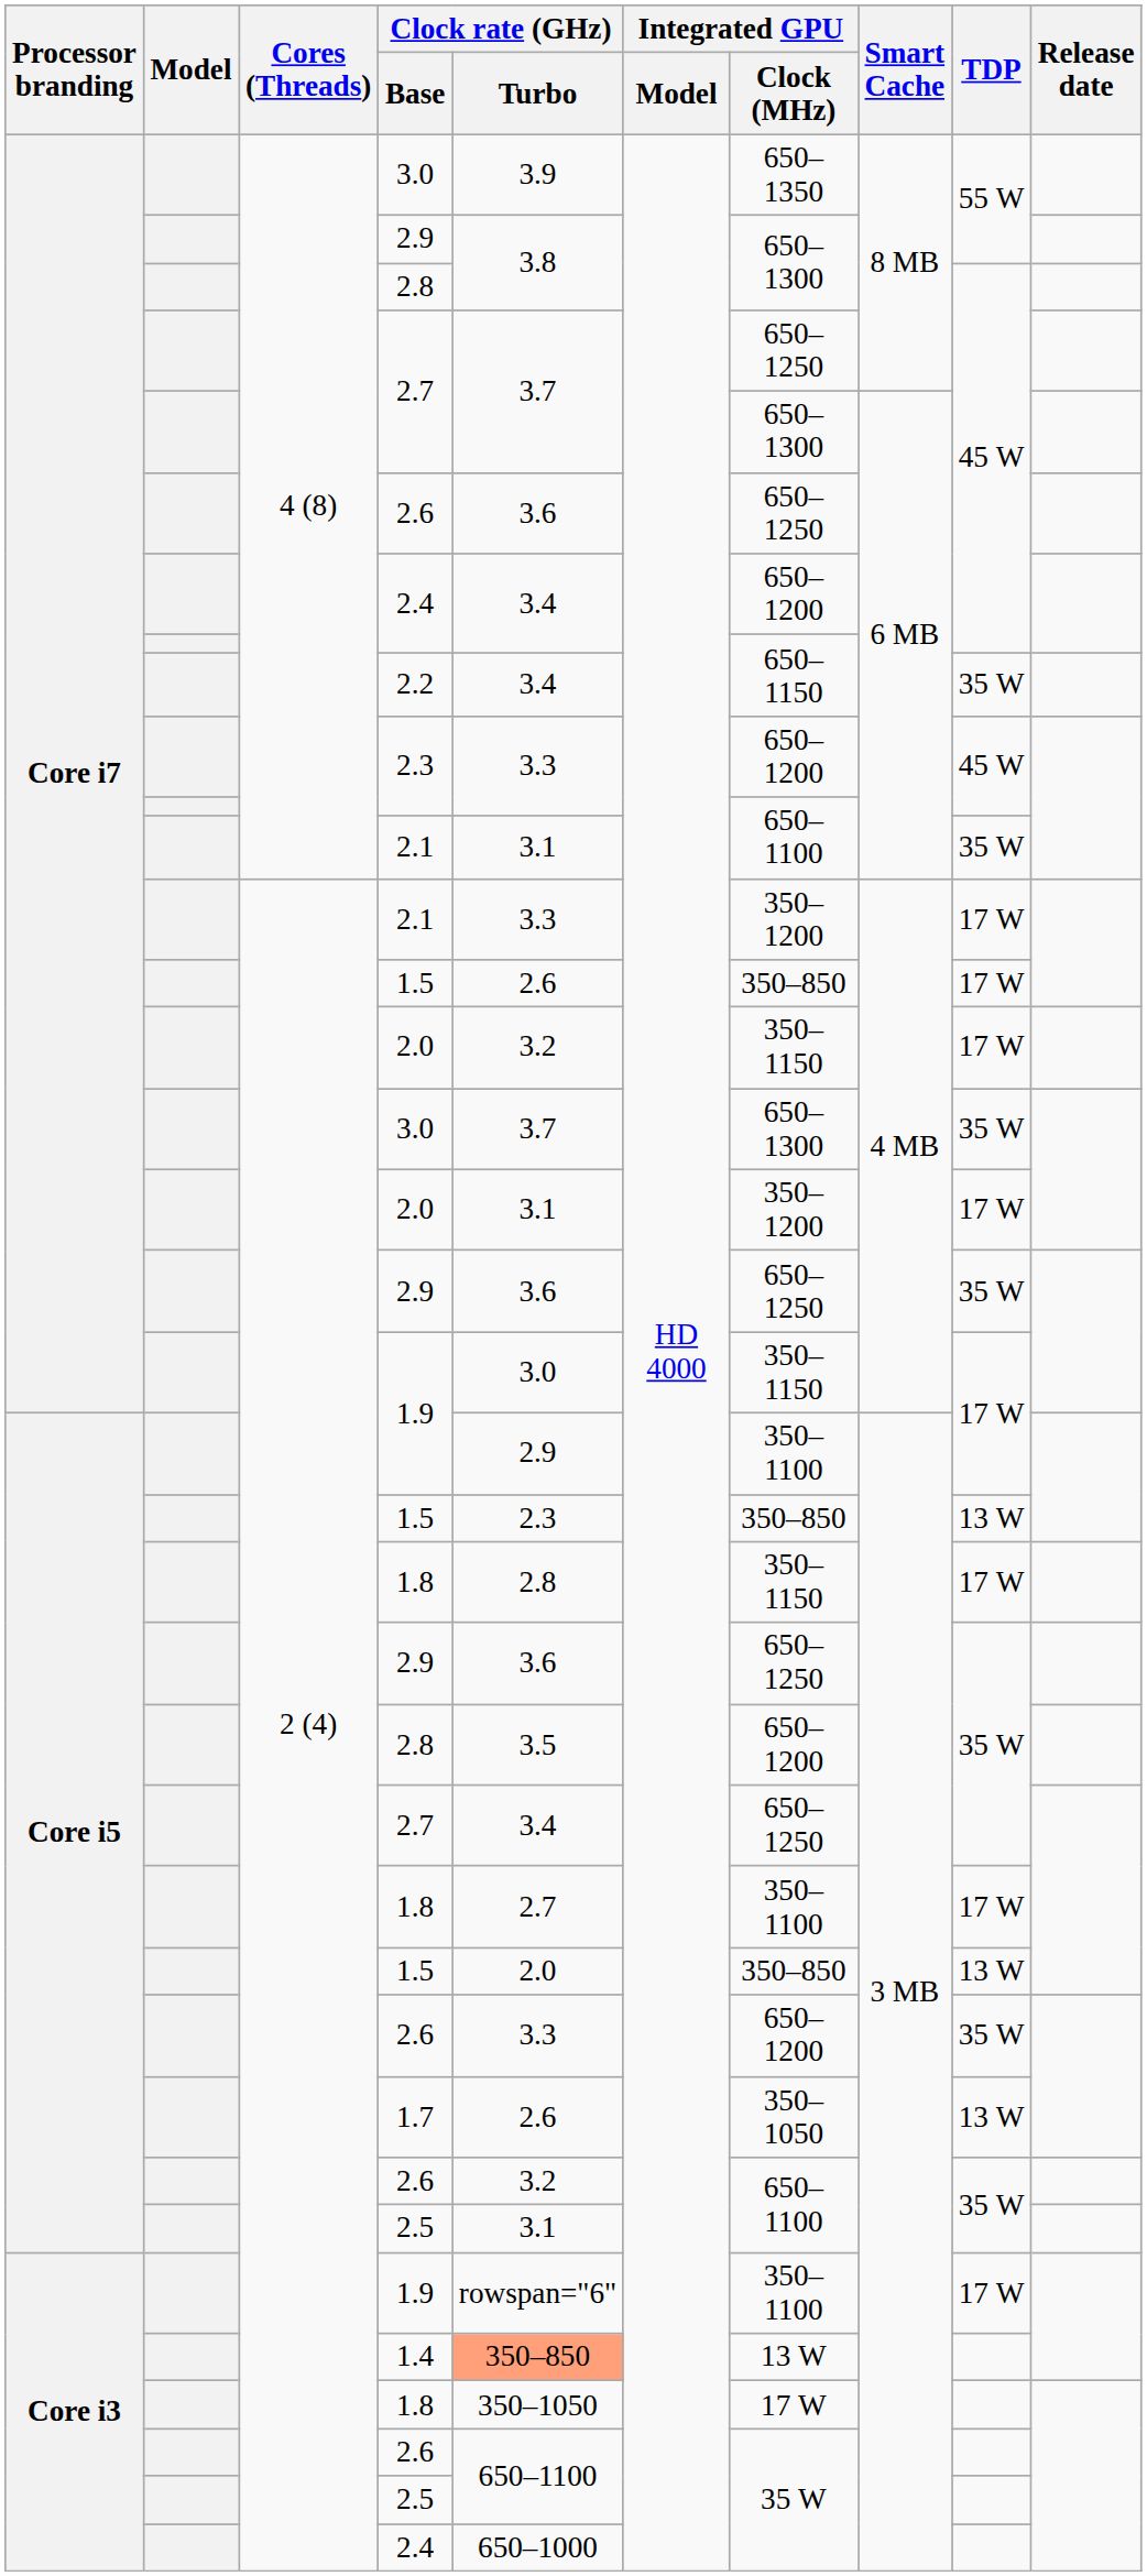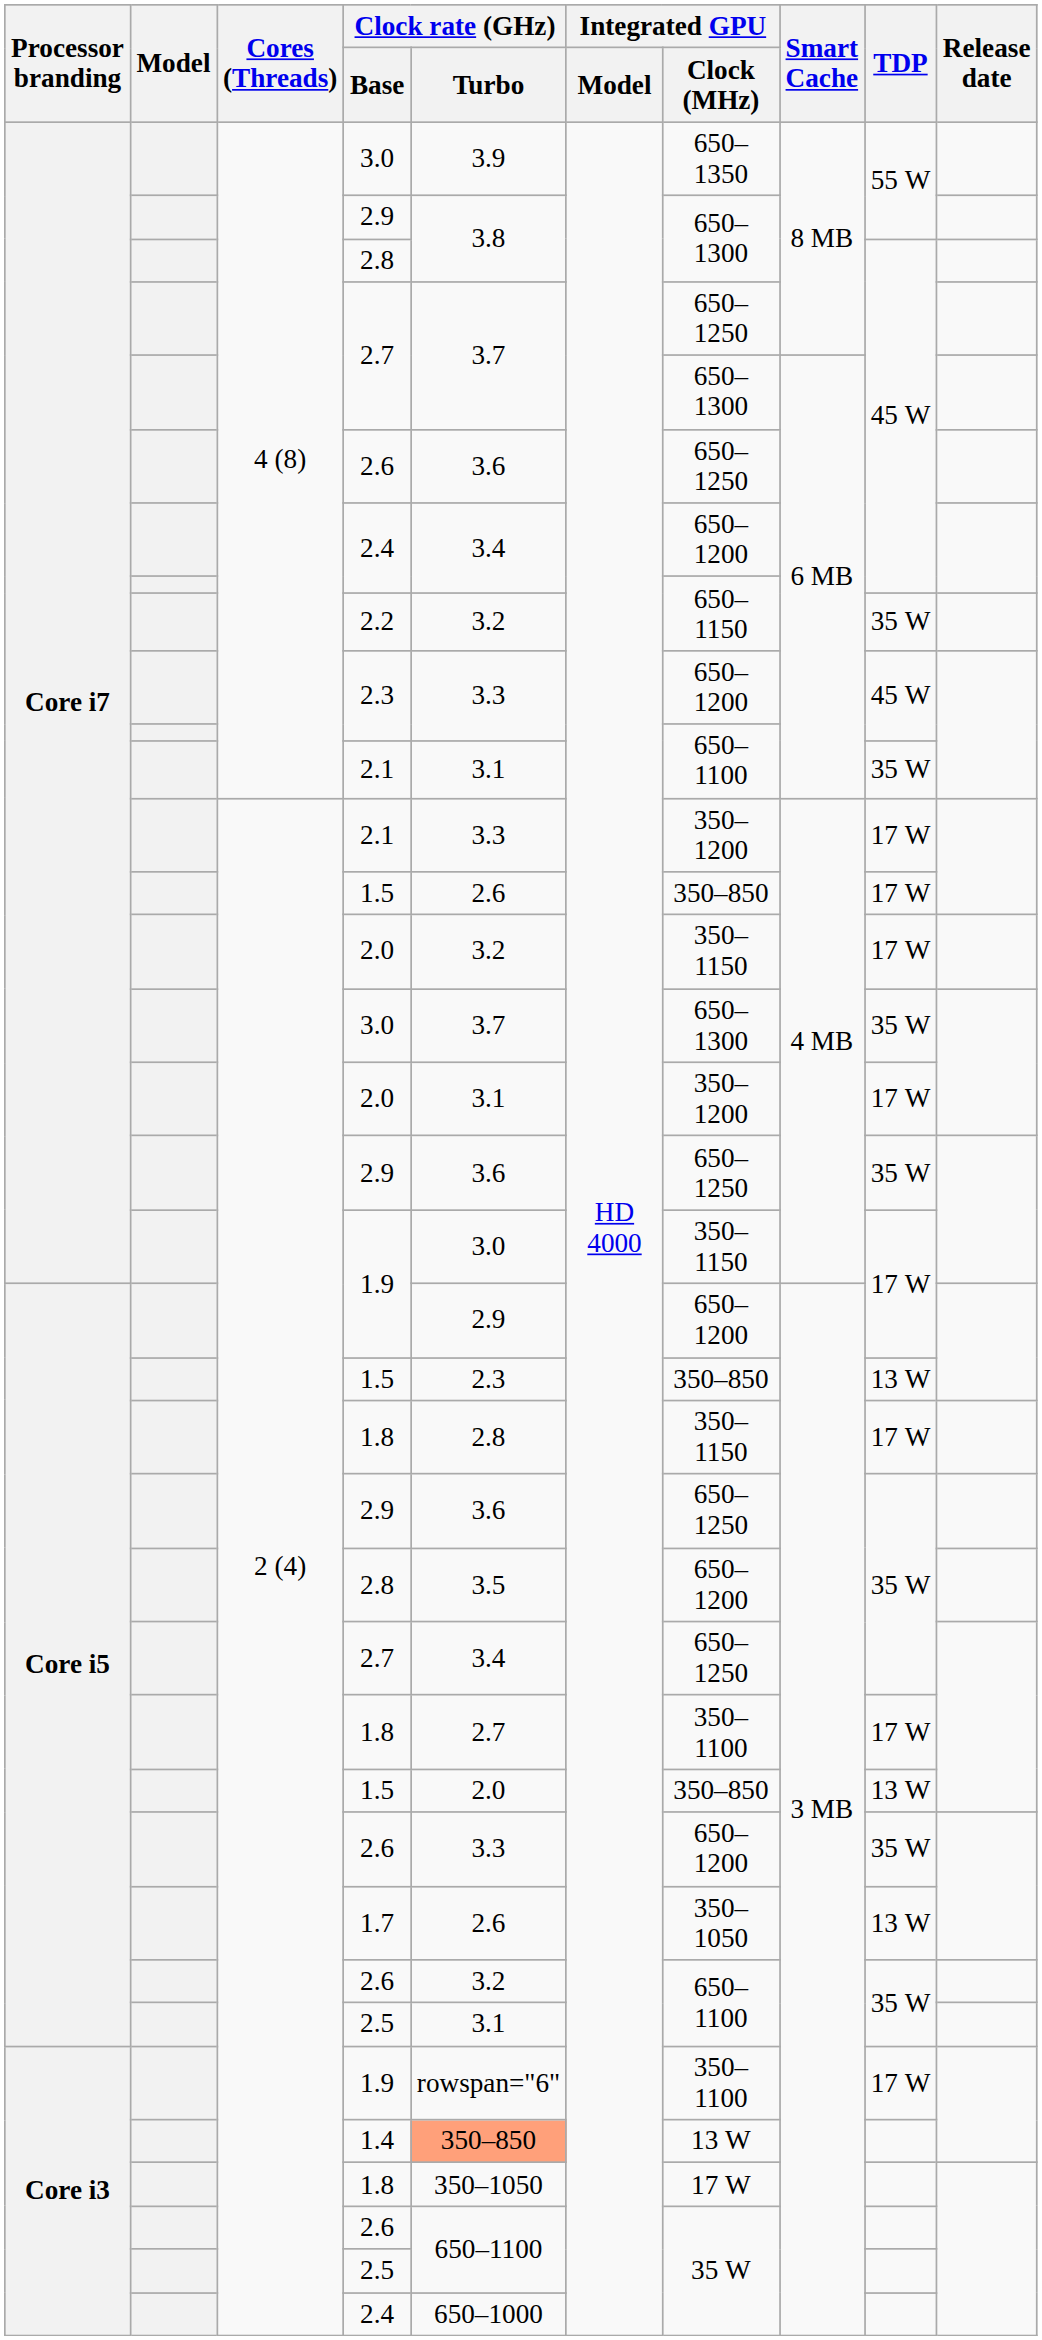 <table class="wikitable sortable nowrap" style="text-align: center;">
 <tr>
 <th class="unsortable" rowspan="2">Processor<br>branding</th>
 <th rowspan="2">Model</th>
 <th class="unsortable" rowspan="2"><a href='#'>Cores</a><br>(<a href='#'>Threads</a>)</th>
 <th colspan="2"><a href='#'>Clock rate</a> (GHz)</th>
 <th colspan="2">Integrated <a href='#'>GPU</a></th>
 <th class="unsortable" rowspan="2"><a href='#'>Smart<br>Cache</a></th>
 <th rowspan="2"><a href='#'>TDP</a></th>
 <th rowspan="2">Release<br>date</th>
 </tr>
 <tr>
 <th class="unsortable">Base</th>
 <th class="unsortable">Turbo</th>
 <th class="unsortable">Model</th>
 <th class="unsortable">Clock (MHz)</th>
 </tr>
 <tr>
 <th rowspan="19">Core i7</th>
 <th style="text-align:left;" data-sort-value="sku37"></th>
 <td rowspan="12">4 (8)</td>
 <td>3.0</td>
 <td>3.9</td>
 <td rowspan="37"><a href='#'>HD 4000</a></td>
 <td>650–1350</td>
 <td rowspan="4">8 MB</td>
 <td rowspan="2">55 W</td>
 <td></td>
 </tr>
 <tr>
 <th style="text-align:left;" data-sort-value="sku36"></th>
 <td>2.9</td>
 <td rowspan="2">3.8</td>
 <td rowspan="2">650–1300</td>
 <td></td>
 </tr>
 <tr>
 <th style="text-align:left;" data-sort-value="sku35"></th>
 <td>2.8</td>
 <td rowspan="6">45 W</td>
 <td></td>
 </tr>
 <tr>
 <th style="text-align:left;" data-sort-value="sku34"></th>
 <td rowspan="2">2.7</td>
 <td rowspan="2">3.7</td>
 <td>650–1250</td>
 <td></td>
 </tr>
 <tr>
 <th style="text-align:left;" data-sort-value="sku33"></th>
 <td>650–1300</td>
 <td rowspan="8">6 MB</td>
 <td></td>
 </tr>
 <tr>
 <th style="text-align:left;" data-sort-value="sku32"></th>
 <td>2.6</td>
 <td>3.6</td>
 <td>650–1250</td>
 <td></td>
 </tr>
 <tr>
 <th style="text-align:left;" data-sort-value="sku31"></th>
 <td rowspan="2">2.4</td>
 <td rowspan="2">3.4</td>
 <td>650–1200</td>
 <td rowspan="2"></td>
 </tr>
 <tr>
 <th style="text-align:left;" data-sort-value="sku30"></th>
 <td rowspan="2">650–1150</td>
 </tr>
 <tr>
 <th style="text-align:left;" data-sort-value="sku29"></th>
 <td>2.2</td>
-<td>3.4</td>
+<td>3.2</td>
 <td>35 W</td>
 <td></td>
 </tr>
 <tr>
 <th style="text-align:left;" data-sort-value="sku28"></th>
 <td rowspan="2">2.3</td>
 <td rowspan="2">3.3</td>
 <td>650–1200</td>
 <td rowspan="2">45 W</td>
 <td rowspan="3"></td>
 </tr>
 <tr>
 <th style="text-align:left;" data-sort-value="sku27"></th>
 <td rowspan="2">650–1100</td>
 </tr>
 <tr>
 <th style="text-align:left;" data-sort-value="sku26"></th>
 <td>2.1</td>
 <td>3.1</td>
 <td>35 W</td>
 </tr>
 <tr>
 <th style="text-align:left;" data-sort-value="sku25"></th>
 <td rowspan="25">2 (4)</td>
 <td>2.1</td>
 <td>3.3</td>
 <td>350–1200</td>
 <td rowspan="7">4 MB</td>
 <td>17 W</td>
 <td rowspan="2"></td>
 </tr>
 <tr>
 <th style="text-align:left;" data-sort-value="sku24"></th>
 <td>1.5</td>
 <td>2.6</td>
 <td>350–850</td>
 <td>17 W</td>
 </tr>
 <tr>
 <th style="text-align:left;" data-sort-value="sku23"></th>
 <td>2.0</td>
 <td>3.2</td>
 <td>350–1150</td>
 <td>17 W</td>
 <td></td>
 </tr>
 <tr>
 <th style="text-align:left;" data-sort-value="sku22"></th>
 <td>3.0</td>
 <td>3.7</td>
 <td>650–1300</td>
 <td>35 W</td>
 <td rowspan="2"></td>
 </tr>
 <tr>
 <th style="text-align:left;" data-sort-value="sku21"></th>
 <td>2.0</td>
 <td>3.1</td>
 <td>350–1200</td>
 <td>17 W</td>
 </tr>
 <tr>
 <th style="text-align:left;" data-sort-value="sku20"></th>
 <td>2.9</td>
 <td>3.6</td>
 <td>650–1250</td>
 <td>35 W</td>
 <td rowspan="2"></td>
 </tr>
 <tr>
 <th style="text-align:left;" data-sort-value="sku19"></th>
 <td rowspan="2">1.9</td>
 <td>3.0</td>
 <td>350–1150</td>
 <td rowspan="2">17 W</td>
 </tr>
 <tr>
 <th rowspan="12">Core i5</th>
 <th style="text-align:left;" data-sort-value="sku18"></th>
 <td>2.9</td>
-<td>350–1100</td>
+<td>650–1200</td>
 <td rowspan="18">3 MB</td>
 <td rowspan="2"></td>
 </tr>
 <tr>
 <th style="text-align:left;" data-sort-value="sku17"></th>
 <td>1.5</td>
 <td>2.3</td>
 <td>350–850</td>
 <td>13 W</td>
 </tr>
 <tr>
 <th style="text-align:left;" data-sort-value="sku16"></th>
 <td>1.8</td>
 <td>2.8</td>
 <td>350–1150</td>
 <td>17 W</td>
 <td></td>
 </tr>
 <tr>
 <th style="text-align:left;" data-sort-value="sku15"></th>
 <td>2.9</td>
 <td>3.6</td>
 <td>650–1250</td>
 <td rowspan="3">35 W</td>
 <td></td>
 </tr>
 <tr>
 <th style="text-align:left;" data-sort-value="sku14"></th>
 <td>2.8</td>
 <td>3.5</td>
 <td>650–1200</td>
 <td></td>
 </tr>
 <tr>
 <th style="text-align:left;" data-sort-value="sku13"></th>
 <td>2.7</td>
 <td>3.4</td>
 <td>650–1250</td>
 <td rowspan="3"></td>
 </tr>
 <tr>
 <th style="text-align:left;" data-sort-value="sku12"></th>
 <td>1.8</td>
 <td>2.7</td>
 <td>350–1100</td>
 <td>17 W</td>
 </tr>
 <tr>
 <th style="text-align:left;" data-sort-value="sku11"></th>
 <td>1.5</td>
 <td>2.0</td>
 <td>350–850</td>
 <td>13 W</td>
 </tr>
 <tr>
 <th style="text-align:left;" data-sort-value="sku10"></th>
 <td>2.6</td>
 <td>3.3</td>
 <td>650–1200</td>
 <td>35 W</td>
 <td rowspan="2"></td>
 </tr>
 <tr>
 <th style="text-align:left;" data-sort-value="sku9"></th>
 <td>1.7</td>
 <td>2.6</td>
 <td>350–1050</td>
 <td>13 W</td>
 </tr>
 <tr>
 <th style="text-align:left;" data-sort-value="sku8"></th>
 <td>2.6</td>
 <td>3.2</td>
 <td rowspan="2">650–1100</td>
 <td rowspan="2">35 W</td>
 <td></td>
 </tr>
 <tr>
 <th style="text-align:left;" data-sort-value="sku7"></th>
 <td>2.5</td>
 <td>3.1</td>
 <td></td>
 </tr>
 <tr>
 <th rowspan="6">Core i3</th>
 <th style="text-align:left;" data-sort-value="sku6"></th>
 <td>1.9</td>
 <td>rowspan="6" </td>
 <td>350–1100</td>
 <td>17 W</td>
 <td rowspan="2"></td>
 </tr>
 <tr>
 <th style="text-align:left;" data-sort-value="sku5"></th>
 <td>1.4</td>
 <td style="background: lightsalmon;">350–850</td>
 <td>13 W</td>
 </tr>
 <tr>
 <th style="text-align:left;" data-sort-value="sku4"></th>
 <td>1.8</td>
 <td>350–1050</td>
 <td>17 W</td>
 <td></td>
 </tr>
 <tr>
 <th style="text-align:left;" data-sort-value="sku3"></th>
 <td>2.6</td>
 <td rowspan="2">650–1100</td>
 <td rowspan="3">35 W</td>
 <td></td>
 </tr>
 <tr>
 <th style="text-align:left;" data-sort-value="sku2"></th>
 <td>2.5</td>
 <td></td>
 </tr>
 <tr>
 <th style="text-align:left;" data-sort-value="sku1"></th>
 <td>2.4</td>
 <td>650–1000</td>
 <td></td>
 </tr>
 </table>
